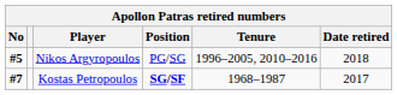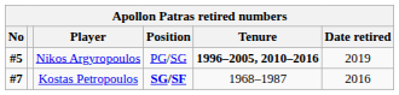 <table class="wikitable sortable" style="font-size:95%; text-align:center;">
 <tr>
 <th colspan=6>Apollon Patras retired numbers</th>
 </tr>
 <tr>
 <th>No</th>
 <th></th>
 <th>Player</th>
 <th>Position</th>
 <th>Tenure</th>
 <th>Date retired</th>
 </tr>
 <tr>
 <td><strong>#5</strong></td>
 <td></td>
 <td><a href='#'>Nikos Argyropoulos</a></td>
 <td><a href='#'>PG</a>/<a href='#'>SG</a></td>
-<td>1996–2005, 2010–2016</td>
-<td>2018</td>
+<td><strong>1996–2005, 2010–2016</strong></td>
+<td>2019</td>
 </tr>
 <tr>
 <td><strong>#7</strong></td>
 <td></td>
 <td><a href='#'>Kostas Petropoulos</a></td>
 <td><strong><a href='#'>SG</a>/<a href='#'>SF</a></strong></td>
 <td>1968–1987</td>
-<td>2017</td>
+<td>2016</td>
 </tr>
 </table>
